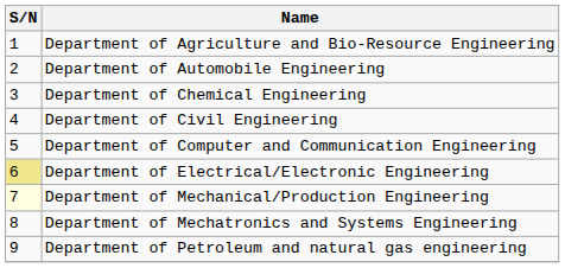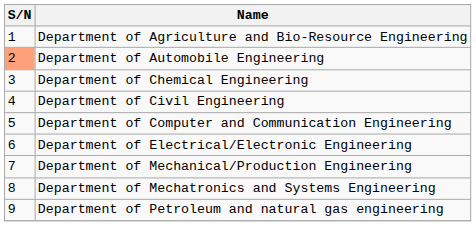 <table class="wikitable">
 <tr>
 <th>S/N</th>
 <th>Name</th>
 </tr>
 <tr>
 <td>1</td>
 <td>Department of Agriculture and Bio-Resource Engineering</td>
 </tr>
 <tr>
-<td>2</td>
+<td style="background: lightsalmon;">2</td>
 <td>Department of Automobile Engineering</td>
 </tr>
 <tr 6>
 <td>3</td>
 <td>Department of Chemical Engineering</td>
 </tr>
 <tr>
 <td>4</td>
 <td>Department of Civil Engineering</td>
 </tr>
 <tr>
 <td>5</td>
 <td>Department of Computer and Communication Engineering</td>
 </tr>
 <tr>
-<td style="background: khaki;">6</td>
+<td>6</td>
 <td>Department of Electrical/Electronic Engineering</td>
 </tr>
 <tr>
-<td style="background: lightyellow;">7</td>
+<td>7</td>
 <td>Department of Mechanical/Production Engineering</td>
 </tr>
 <tr>
 <td>8</td>
 <td>Department of Mechatronics and Systems Engineering</td>
 </tr>
 <tr>
 <td>9</td>
 <td>Department of Petroleum and natural gas engineering</td>
 </tr>
 <tr>
 </tr>
 </table>
